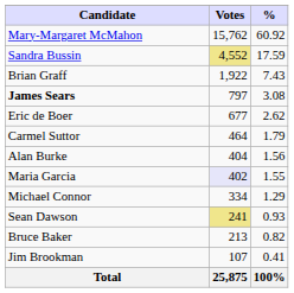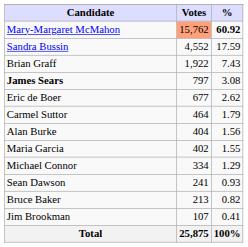 <table class="wikitable">
 <tr>
 </tr>
 <tr>
 <th scope="col" style="background:#ddf; width:250px;">Candidate</th>
 <th scope="col" style="background:#ddf;">Votes</th>
 <th scope="col" style="background:#ddf;">%</th>
 </tr>
 <tr>
 <td><a href='#'>Mary-Margaret McMahon</a></td>
-<td align=right>15,762</td>
-<td align=right>60.92</td>
+<td align=right style="background: lightsalmon;">15,762</td>
+<td align=right><strong>60.92</strong></td>
 </tr>
 <tr>
 <td><a href='#'>Sandra Bussin</a></td>
-<td align=right style="background: khaki;">4,552</td>
+<td align=right>4,552</td>
 <td align=right>17.59</td>
 </tr>
 <tr>
 <td>Brian Graff</td>
 <td align=right>1,922</td>
 <td align=right>7.43</td>
 </tr>
 <tr>
 <td><strong>James Sears</strong></td>
 <td align=right>797</td>
 <td align=right>3.08</td>
 </tr>
 <tr>
 <td>Eric de Boer</td>
 <td align=right>677</td>
 <td align=right>2.62</td>
 </tr>
 <tr>
 <td>Carmel Suttor</td>
 <td align=right>464</td>
 <td align=right>1.79</td>
 </tr>
 <tr>
 <td>Alan Burke</td>
 <td align=right>404</td>
 <td align=right>1.56</td>
 </tr>
 <tr>
 <td>Maria Garcia</td>
-<td align=right style="background: lavender;">402</td>
+<td align=right>402</td>
 <td align=right>1.55</td>
 </tr>
 <tr>
 <td>Michael Connor</td>
 <td align=right>334</td>
 <td align=right>1.29</td>
 </tr>
 <tr>
 <td>Sean Dawson</td>
-<td align=right style="background: khaki;">241</td>
+<td align=right>241</td>
 <td align=right>0.93</td>
 </tr>
 <tr>
 <td>Bruce Baker</td>
 <td align=right>213</td>
 <td align=right>0.82</td>
 </tr>
 <tr>
 <td>Jim Brookman</td>
 <td align=right>107</td>
 <td align=right>0.41</td>
 </tr>
 <tr>
 <th>Total</th>
 <th align=right>25,875</th>
 <th align=right>100%</th>
 </tr>
 </table>
